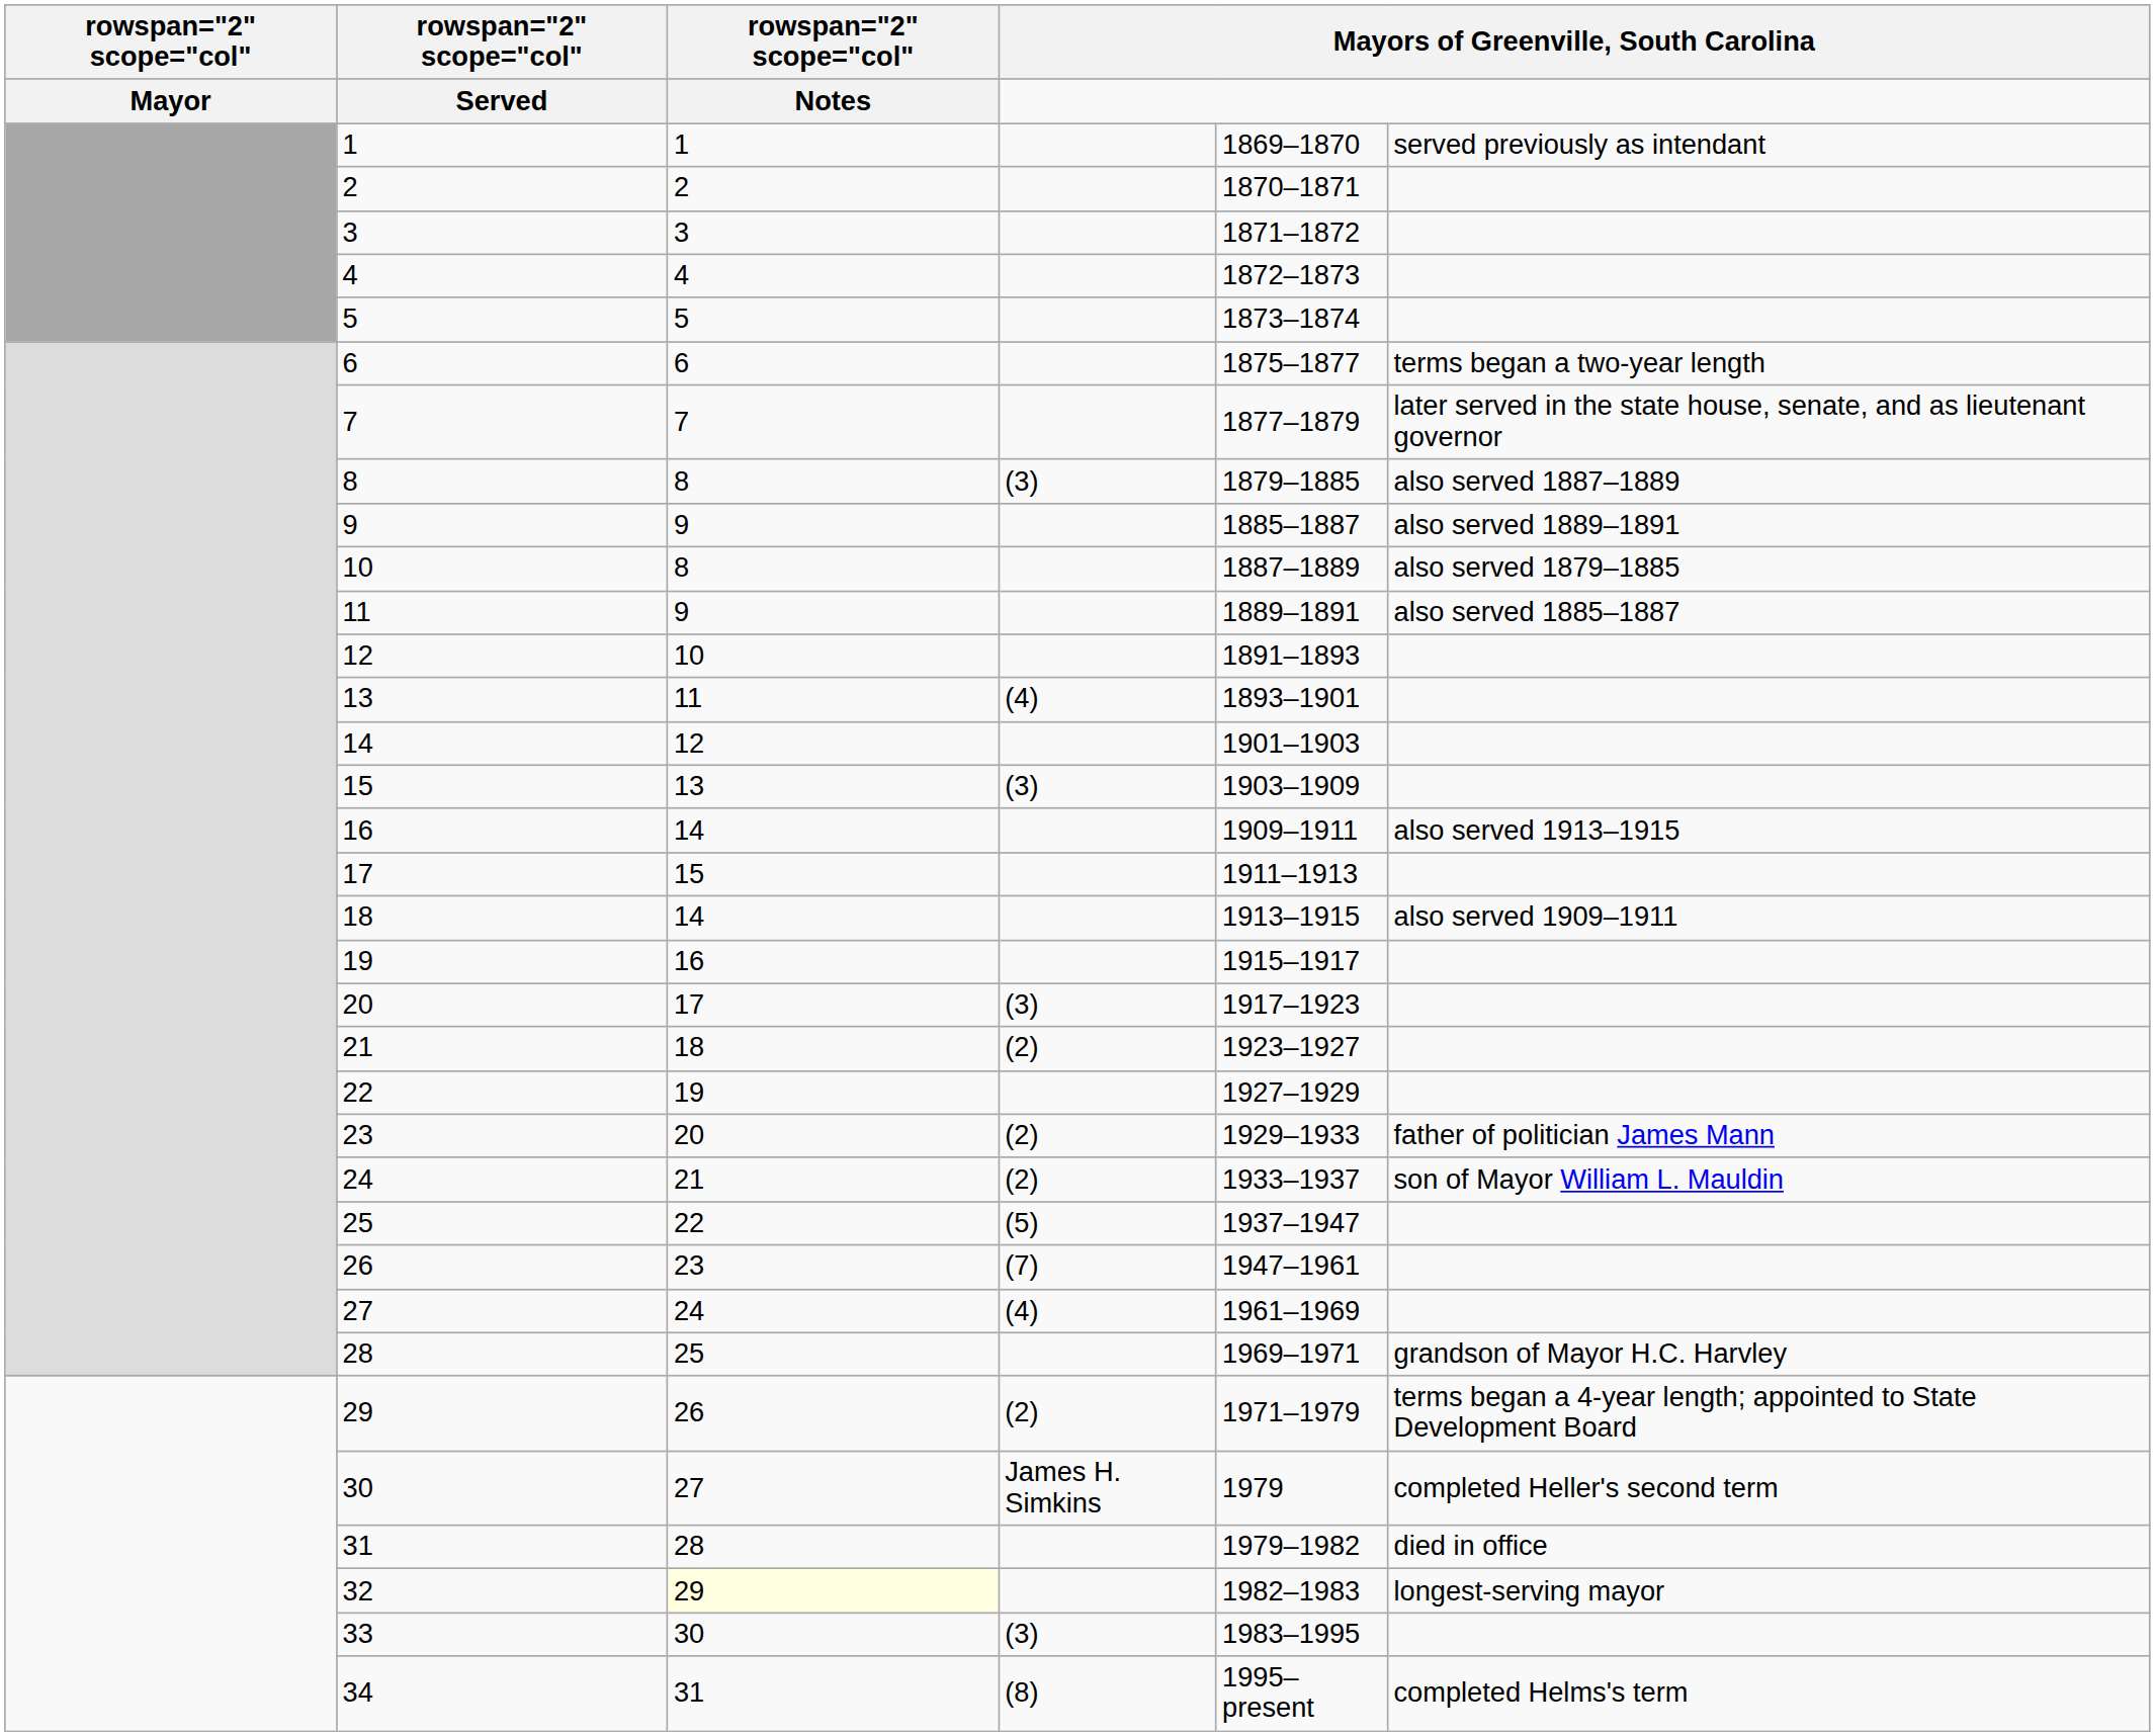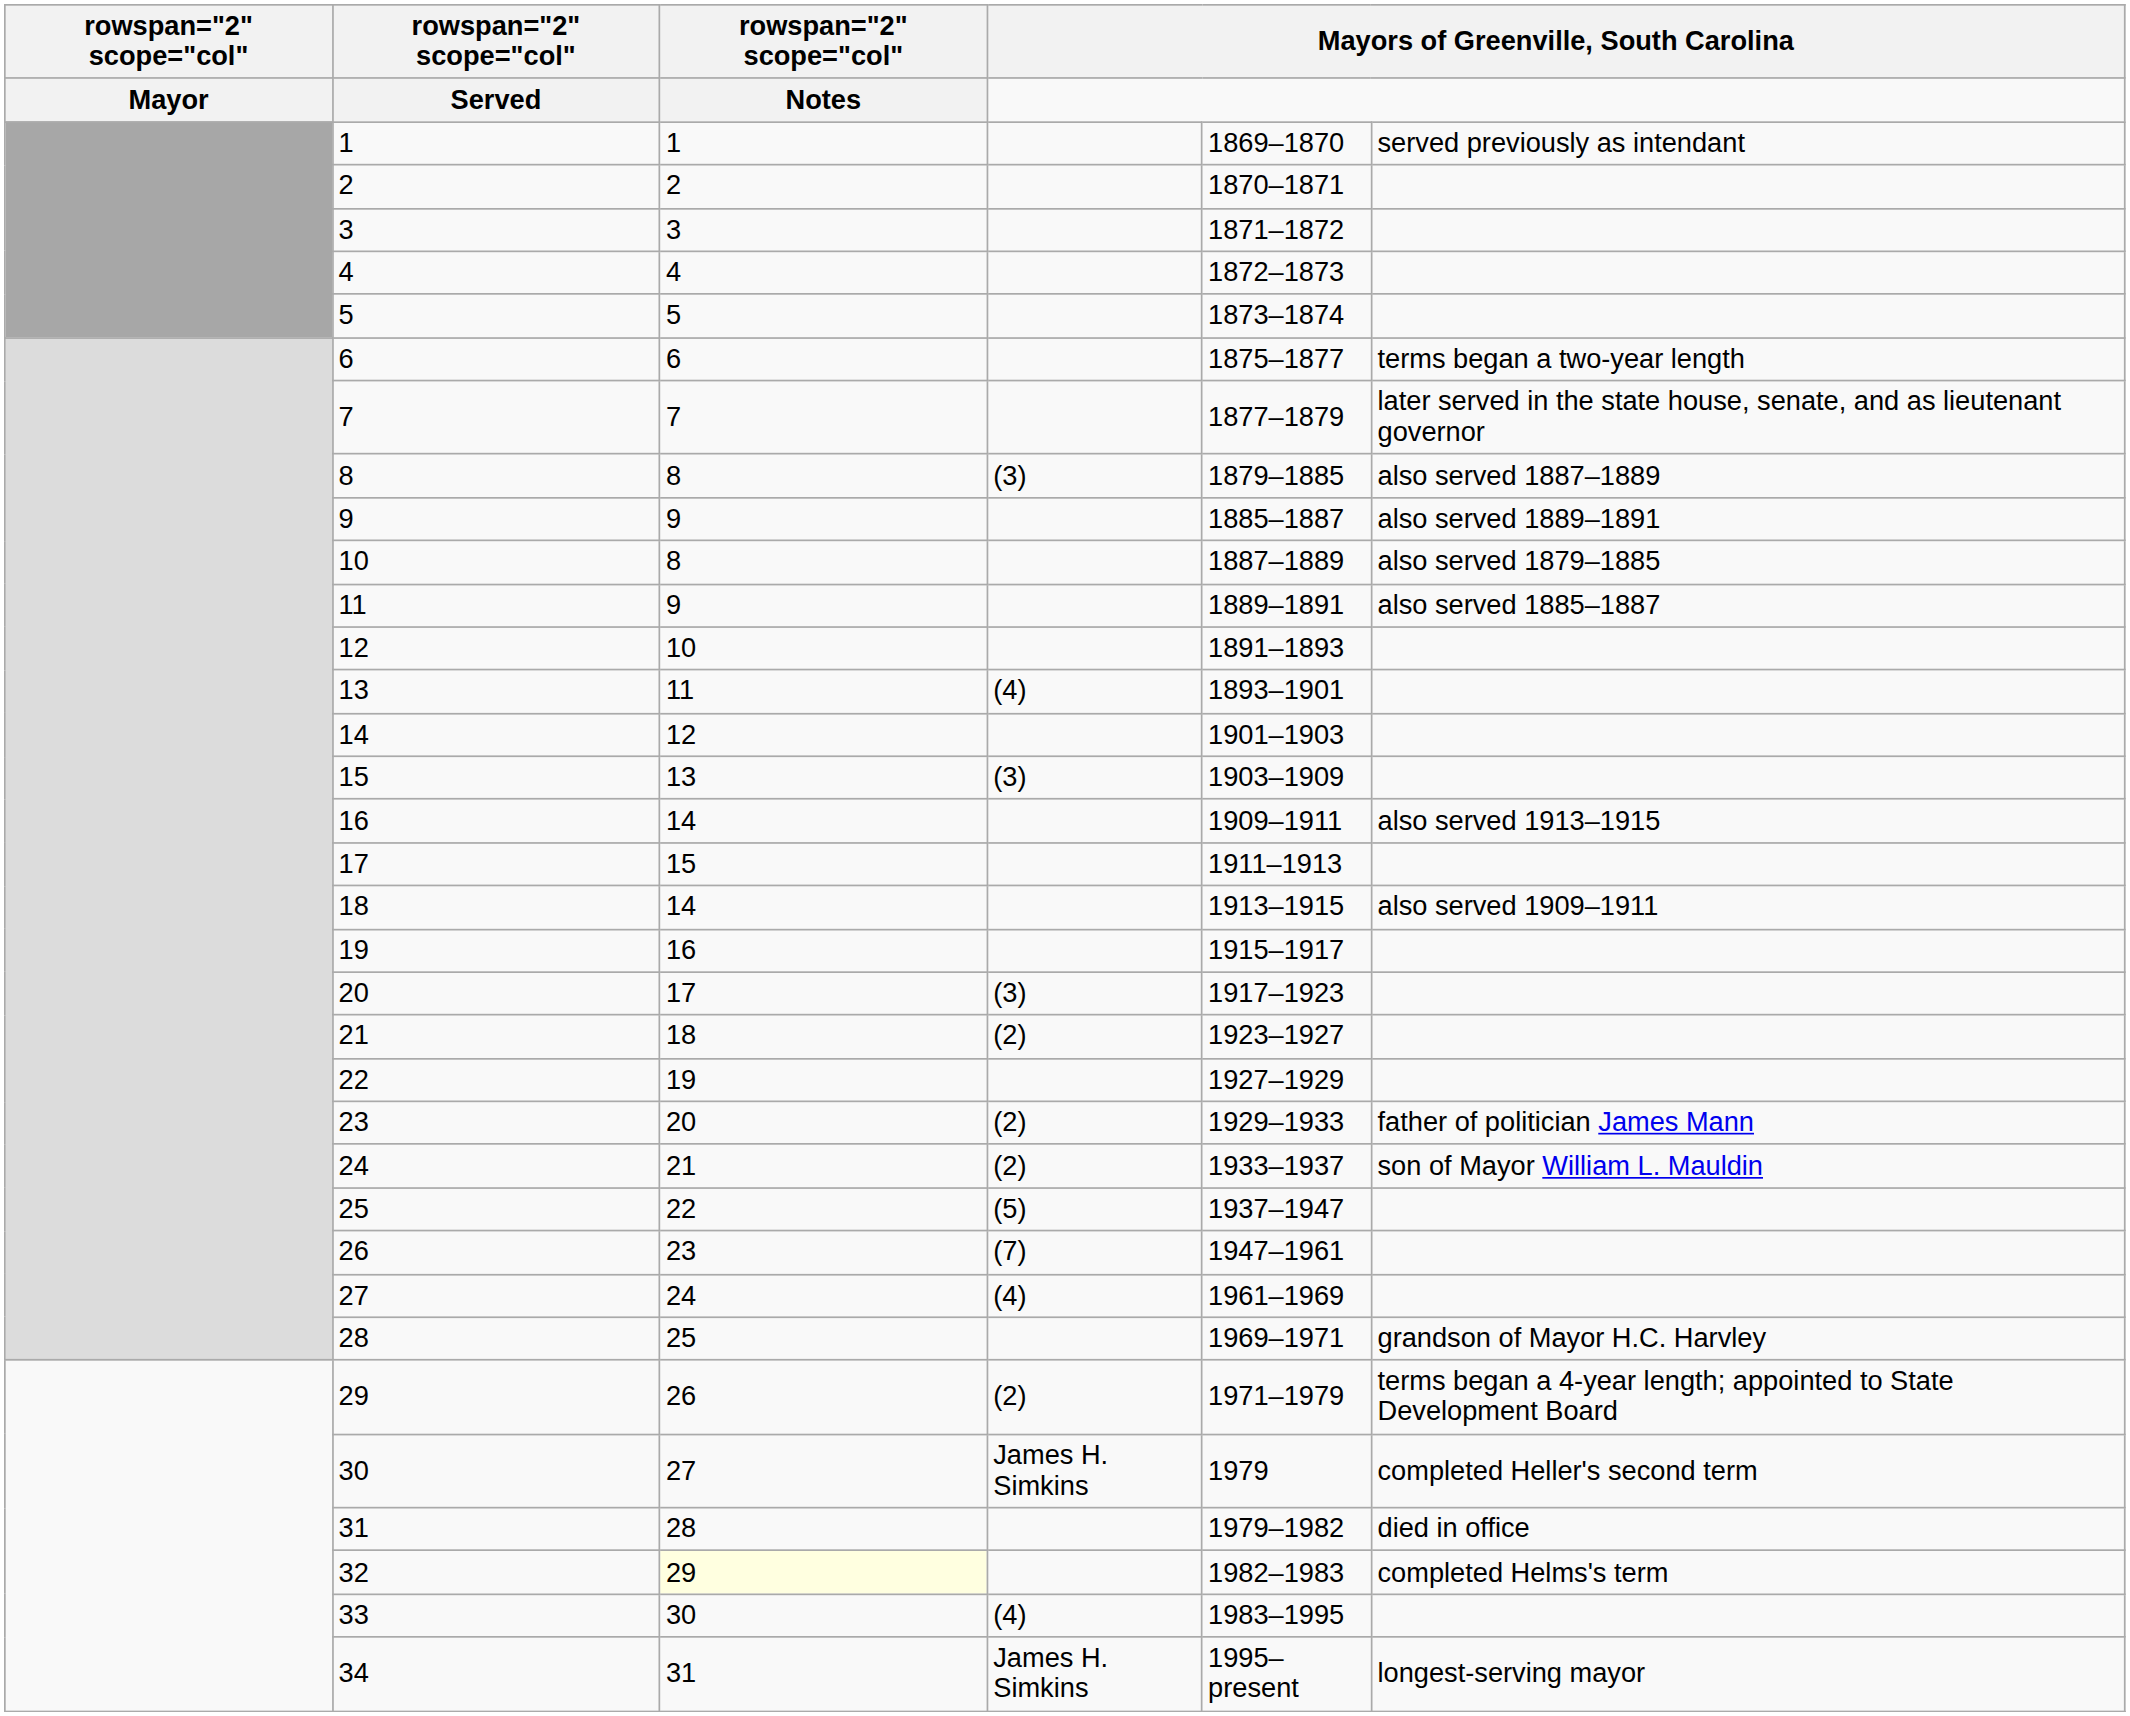 <table class="wikitable sortable sticky-header-multi">
 <tr>
 <th>rowspan="2" scope="col" </th>
 <th>rowspan="2" scope="col" </th>
 <th>rowspan="2" scope="col" </th>
 <th colspan="3" class="unsortable">Mayors of Greenville, South Carolina</th>
 </tr>
 <tr>
 <th scope="col">Mayor</th>
 <th scope="col">Served</th>
 <th scope="col" class="unsortable">Notes</th>
 </tr>
 <tr>
 <td rowspan=5 bgcolor="#A7A7A7" valign="top"></td>
 <td>1</td>
 <td>1</td>
 <td></td>
 <td>1869–1870</td>
 <td>served previously as intendant</td>
 </tr>
 <tr>
 <td>2</td>
 <td>2</td>
 <td></td>
 <td>1870–1871</td>
 <td></td>
 </tr>
 <tr>
 <td>3</td>
 <td>3</td>
 <td></td>
 <td>1871–1872</td>
 <td></td>
 </tr>
 <tr>
 <td>4</td>
 <td>4</td>
 <td></td>
 <td>1872–1873</td>
 <td></td>
 </tr>
 <tr>
 <td>5</td>
 <td>5</td>
 <td></td>
 <td>1873–1874</td>
 <td></td>
 </tr>
 <tr>
 <td rowspan=23 bgcolor="gainsboro "valign="top"></td>
 <td>6</td>
 <td>6</td>
 <td></td>
 <td>1875–1877</td>
 <td>terms began a two-year length</td>
 </tr>
 <tr>
 <td>7</td>
 <td>7</td>
 <td></td>
 <td>1877–1879</td>
 <td>later served in the state house, senate, and as lieutenant governor</td>
 </tr>
 <tr>
 <td>8</td>
 <td>8</td>
 <td> (3)</td>
 <td>1879–1885</td>
 <td>also served 1887–1889</td>
 </tr>
 <tr>
 <td>9</td>
 <td>9</td>
 <td></td>
 <td>1885–1887</td>
 <td>also served 1889–1891</td>
 </tr>
 <tr>
 <td>10</td>
 <td>8</td>
 <td></td>
 <td>1887–1889</td>
 <td>also served 1879–1885</td>
 </tr>
 <tr>
 <td>11</td>
 <td>9</td>
 <td></td>
 <td>1889–1891</td>
 <td>also served 1885–1887</td>
 </tr>
 <tr>
 <td>12</td>
 <td>10</td>
 <td></td>
 <td>1891–1893</td>
 <td></td>
 </tr>
 <tr>
 <td>13</td>
 <td>11</td>
 <td> (4)</td>
 <td>1893–1901</td>
 <td></td>
 </tr>
 <tr>
 <td>14</td>
 <td>12</td>
 <td></td>
 <td>1901–1903</td>
 <td></td>
 </tr>
 <tr>
 <td>15</td>
 <td>13</td>
 <td> (3)</td>
 <td>1903–1909</td>
 <td></td>
 </tr>
 <tr>
 <td>16</td>
 <td>14</td>
 <td></td>
 <td>1909–1911</td>
 <td>also served 1913–1915</td>
 </tr>
 <tr>
 <td>17</td>
 <td>15</td>
 <td></td>
 <td>1911–1913</td>
 <td></td>
 </tr>
 <tr>
 <td>18</td>
 <td>14</td>
 <td></td>
 <td>1913–1915</td>
 <td>also served 1909–1911</td>
 </tr>
 <tr>
 <td>19</td>
 <td>16</td>
 <td></td>
 <td>1915–1917</td>
 <td></td>
 </tr>
 <tr>
 <td>20</td>
 <td>17</td>
 <td> (3)</td>
 <td>1917–1923</td>
 <td></td>
 </tr>
 <tr>
 <td>21</td>
 <td>18</td>
 <td> (2)</td>
 <td>1923–1927</td>
 <td></td>
 </tr>
 <tr>
 <td>22</td>
 <td>19</td>
 <td></td>
 <td>1927–1929</td>
 <td></td>
 </tr>
 <tr>
 <td>23</td>
 <td>20</td>
 <td> (2)</td>
 <td>1929–1933</td>
 <td>father of politician <a href='#'>James Mann</a></td>
 </tr>
 <tr>
 <td>24</td>
 <td>21</td>
 <td> (2)</td>
 <td>1933–1937</td>
 <td>son of Mayor <a href='#'>William L. Mauldin</a></td>
 </tr>
 <tr>
 <td>25</td>
 <td>22</td>
 <td> (5)</td>
 <td>1937–1947</td>
 <td></td>
 </tr>
 <tr>
 <td>26</td>
 <td>23</td>
 <td> (7)</td>
 <td>1947–1961</td>
 <td></td>
 </tr>
 <tr>
 <td>27</td>
 <td>24</td>
 <td> (4)</td>
 <td>1961–1969</td>
 <td></td>
 </tr>
 <tr>
 <td>28</td>
 <td>25</td>
 <td></td>
 <td>1969–1971</td>
 <td>grandson of Mayor H.C. Harvley</td>
 </tr>
 <tr>
 <td rowspan=6 valign="top"></td>
 <td>29</td>
 <td>26</td>
 <td> (2)</td>
 <td>1971–1979</td>
 <td>terms began a 4-year length; appointed to State Development Board</td>
 </tr>
 <tr>
 <td>30</td>
 <td>27</td>
 <td {{sortname>James H. Simkins</td>
 <td>1979</td>
 <td>completed Heller's second term</td>
 </tr>
 <tr>
 <td>31</td>
 <td>28</td>
 <td></td>
 <td>1979–1982</td>
 <td>died in office</td>
 </tr>
 <tr>
 <td>32</td>
 <td style="background: lightyellow;">29</td>
 <td></td>
 <td>1982–1983</td>
-<td>longest-serving mayor</td>
+<td>completed Helms's term</td>
 </tr>
 <tr>
 <td>33</td>
 <td>30</td>
-<td> (3)</td>
+<td> (4)</td>
 <td>1983–1995</td>
 <td></td>
 </tr>
 <tr>
 <td>34</td>
 <td>31</td>
-<td> (8)</td>
+<td {{sortname>James H. Simkins</td>
 <td>1995–present</td>
-<td>completed Helms's term</td>
+<td>longest-serving mayor</td>
 </tr>
 <tr>
 </tr>
 </table>
